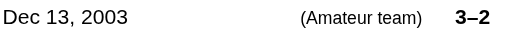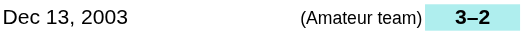 <table width=100% cellspacing=1>
 <tr>
 <th width=120></th>
 <th width=220></th>
 <th width=70></th>
 <th width=220></th>
 <th></th>
 </tr>
 <tr>
 <td align=right>Dec 13, 2003</td>
 <td align=right><small>(Amateur team)</small> <strong></strong></td>
-<td align=center><strong>3–2</strong></td>
+<td align=center style="background: paleturquoise;"><strong>3–2</strong></td>
 <td><strong></strong></td>
 </tr>
 </table>
